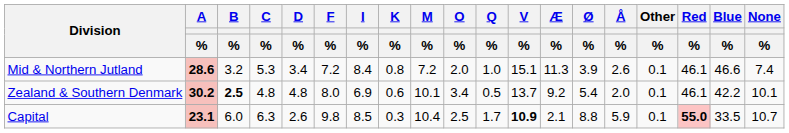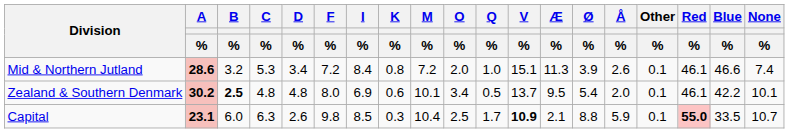 <table class="wikitable sortable" style="text-align:right; font-size:95%; line-height:20px;">
 <tr>
 <th rowspan="3">Division</th>
 <th width="30px" class="unsortable"><a href='#'>A</a></th>
 <th width="30px" class="unsortable"><a href='#'>B</a></th>
 <th width="30px" class="unsortable"><a href='#'>C</a></th>
 <th width="30px" class="unsortable"><a href='#'>D</a></th>
 <th width="30px" class="unsortable"><a href='#'>F</a></th>
 <th width="30px" class="unsortable"><a href='#'>I</a></th>
 <th width="30px" class="unsortable"><a href='#'>K</a></th>
 <th width="30px" class="unsortable"><a href='#'>M</a></th>
 <th width="30px" class="unsortable"><a href='#'>O</a></th>
 <th width="30px" class="unsortable"><a href='#'>Q</a></th>
 <th width="30px" class="unsortable"><a href='#'>V</a></th>
 <th width="30px" class="unsortable"><a href='#'>Æ</a></th>
 <th width="30px" class="unsortable"><a href='#'>Ø</a></th>
 <th width="30px" class="unsortable"><a href='#'>Å</a></th>
 <th width="30px" class="unsortable">Other</th>
 <th><a href='#'>Red</a></th>
 <th><a href='#'>Blue</a></th>
 <th><a href='#'>None</a></th>
 </tr>
 <tr>
 <th style="background:"></th>
 <th style="background:"></th>
 <th style="background:"></th>
 <th style="background:"></th>
 <th style="background:"></th>
 <th style="background:"></th>
 <th style="background:"></th>
 <th style="background:"></th>
 <th style="background:"></th>
 <th style="background:"></th>
 <th style="background:"></th>
 <th style="background:"></th>
 <th style="background:"></th>
 <th style="background:"></th>
 <th style="background:"></th>
 <th style="background:"></th>
 <th style="background:"></th>
 <th style="background:"></th>
 </tr>
 <tr>
 <th align="center" data-sort-type="number">%</th>
 <th align="center" data-sort-type="number">%</th>
 <th align="center" data-sort-type="number">%</th>
 <th align="center" data-sort-type="number">%</th>
 <th align="center" data-sort-type="number">%</th>
 <th align="center" data-sort-type="number">%</th>
 <th align="center" data-sort-type="number">%</th>
 <th align="center" data-sort-type="number">%</th>
 <th align="center" data-sort-type="number">%</th>
 <th align="center" data-sort-type="number">%</th>
 <th align="center" data-sort-type="number">%</th>
 <th align="center" data-sort-type="number">%</th>
 <th align="center" data-sort-type="number">%</th>
 <th align="center" data-sort-type="number">%</th>
 <th align="center" data-sort-type="number">%</th>
 <th align="center" data-sort-type="number">%</th>
 <th align="center" data-sort-type="number">%</th>
 <th align="center" data-sort-type="number">%</th>
 </tr>
 <tr>
 <td align="left"><a href='#'>Mid & Northern Jutland</a></td>
 <td align="center" bgcolor=#f7c0bc><strong>28.6</strong></td>
 <td align="center">3.2</td>
 <td align="center">5.3</td>
 <td align="center">3.4</td>
 <td align="center">7.2</td>
 <td align="center">8.4</td>
 <td align="center">0.8</td>
 <td align="center">7.2</td>
 <td align="center">2.0</td>
 <td align="center">1.0</td>
 <td align="center">15.1</td>
 <td align="center">11.3</td>
 <td align="center">3.9</td>
 <td align="center">2.6</td>
 <td align="center">0.1</td>
 <td align="center">46.1</td>
 <td align="center">46.6</td>
 <td align="center">7.4</td>
 </tr>
 <tr>
 <td align="left"><a href='#'>Zealand & Southern Denmark</a></td>
 <td align="center" bgcolor=#f7c0bc><strong>30.2</strong></td>
 <td align="center"><strong>2.5</strong></td>
 <td align="center">4.8</td>
 <td align="center">4.8</td>
 <td align="center">8.0</td>
 <td align="center">6.9</td>
 <td align="center">0.6</td>
 <td align="center">10.1</td>
 <td align="center">3.4</td>
 <td align="center">0.5</td>
 <td align="center">13.7</td>
-<td align="center">9.2</td>
+<td align="center">9.5</td>
 <td align="center">5.4</td>
 <td align="center">2.0</td>
 <td align="center">0.1</td>
 <td align="center">46.1</td>
 <td align="center">42.2</td>
 <td align="center">10.1</td>
 </tr>
 <tr>
 <td align="left"><a href='#'>Capital</a></td>
 <td align="center" bgcolor=#f7c0bc><strong>23.1</strong></td>
 <td align="center">6.0</td>
 <td align="center">6.3</td>
 <td align="center">2.6</td>
 <td align="center">9.8</td>
 <td align="center">8.5</td>
 <td align="center">0.3</td>
 <td align="center">10.4</td>
 <td align="center">2.5</td>
 <td align="center">1.7</td>
 <td align="center"><strong>10.9</strong></td>
 <td align="center">2.1</td>
 <td align="center">8.8</td>
 <td align="center">5.9</td>
 <td align="center">0.1</td>
 <td align="center" bgcolor=#fdc4c4><strong>55.0</strong></td>
 <td align="center">33.5</td>
 <td align="center">10.7</td>
 </tr>
 </table>
